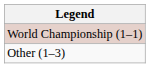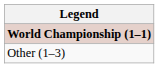 <table class="wikitable">
 <tr>
 <th>Legend</th>
 </tr>
 <tr bgcolor="#e5d1cb">
-<td>World Championship (1–1)</td>
+<td><strong>World Championship (1–1)</strong></td>
 </tr>
 <tr bgcolor=>
 <td>Other (1–3)</td>
 </tr>
 </table>
